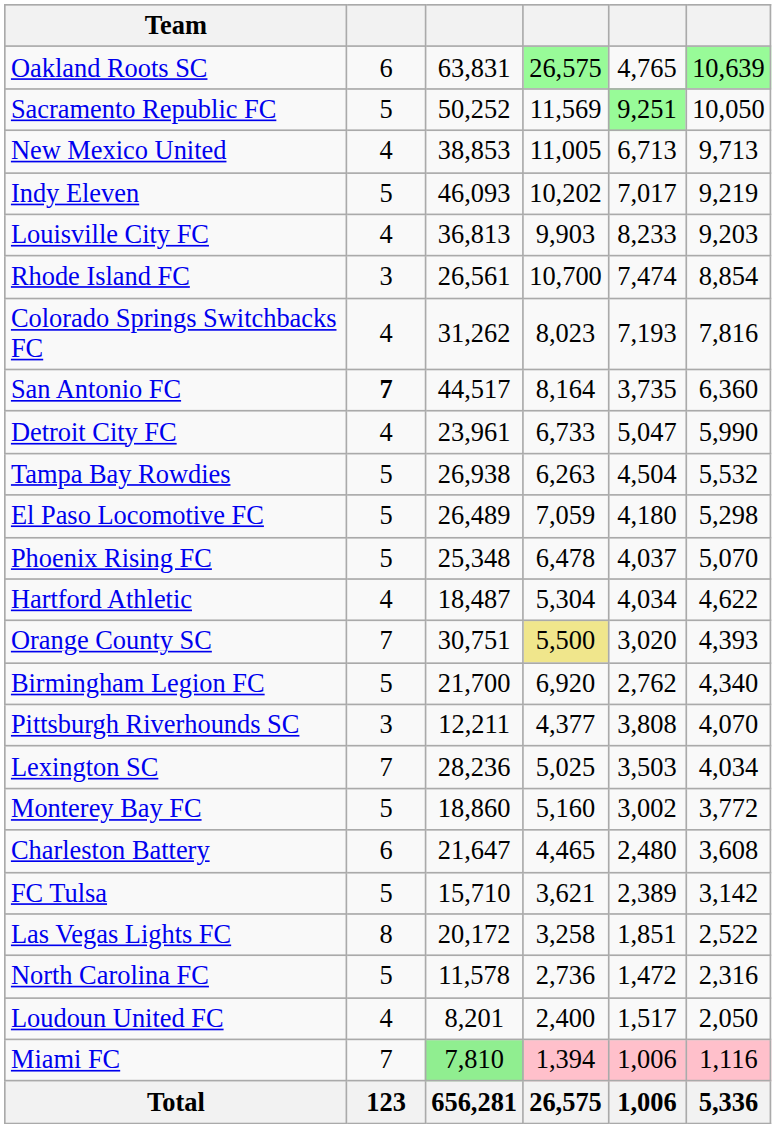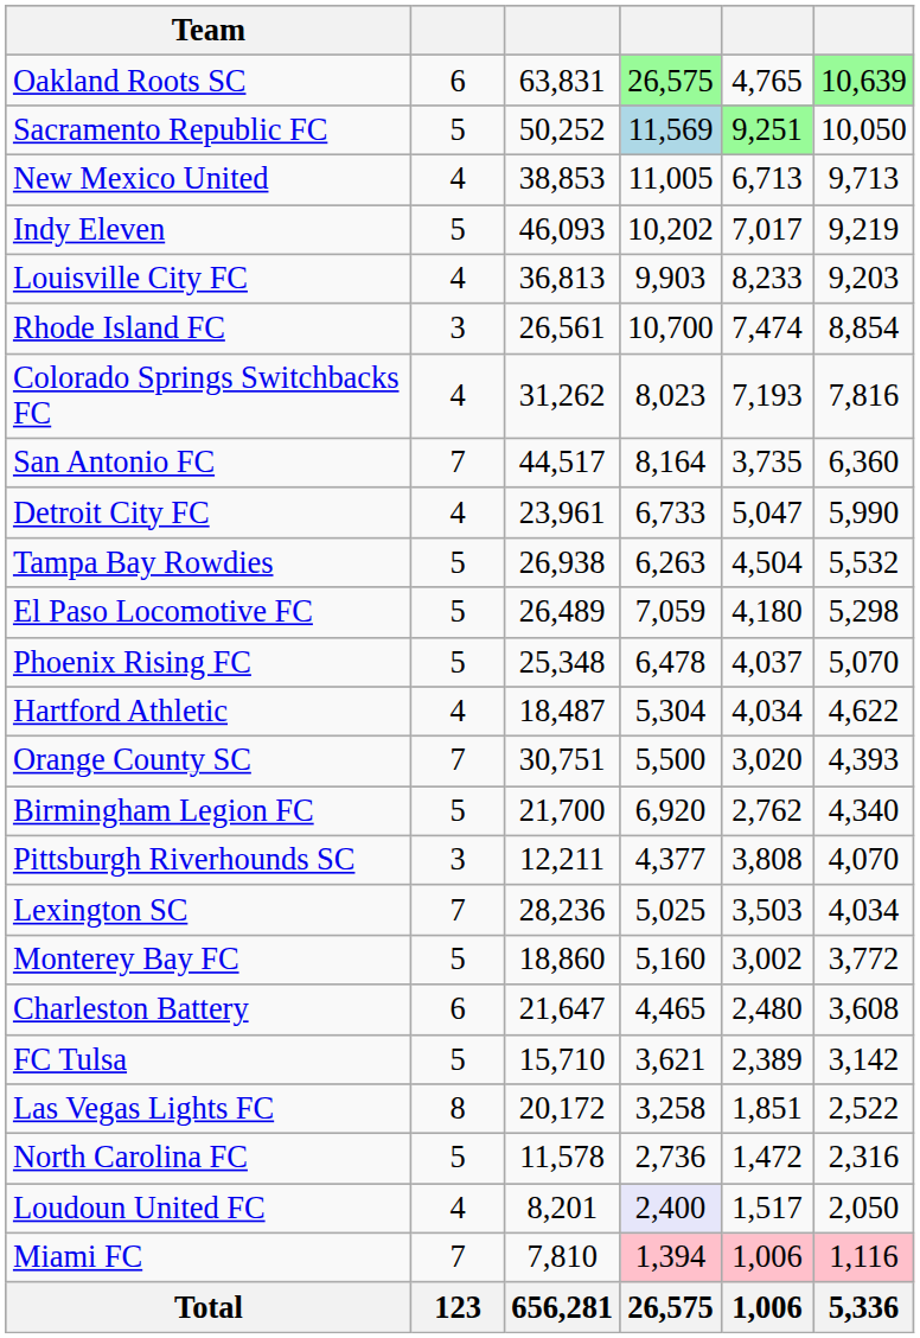 <table class="wikitable sortable">
 <tr>
 <th width=200>Team</th>
 <th width=40></th>
 <th width=40></th>
 <th width=40></th>
 <th width=40></th>
 <th width=40></th>
 </tr>
 <tr align="center">
 <td align=left><a href='#'>Oakland Roots SC</a></td>
 <td>6</td>
 <td>63,831</td>
 <td bgcolor="#98fb98">26,575</td>
 <td>4,765</td>
 <td bgcolor="#98fb98">10,639</td>
 </tr>
 <tr align="center">
 <td align="left"><a href='#'>Sacramento Republic FC</a></td>
 <td>5</td>
 <td>50,252</td>
-<td>11,569</td>
+<td style="background: lightblue;">11,569</td>
 <td bgcolor="#98fb98">9,251</td>
 <td>10,050</td>
 </tr>
 <tr align="center">
 <td align="left"><a href='#'>New Mexico United</a></td>
 <td>4</td>
 <td>38,853</td>
 <td>11,005</td>
 <td>6,713</td>
 <td>9,713</td>
 </tr>
 <tr align="center">
 <td align="left"><a href='#'>Indy Eleven</a></td>
 <td>5</td>
 <td>46,093</td>
 <td>10,202</td>
 <td>7,017</td>
 <td>9,219</td>
 </tr>
 <tr align="center">
 <td align="left"><a href='#'>Louisville City FC</a></td>
 <td>4</td>
 <td>36,813</td>
 <td>9,903</td>
 <td>8,233</td>
 <td>9,203</td>
 </tr>
 <tr align="center">
 <td align="left"><a href='#'>Rhode Island FC</a></td>
 <td>3</td>
 <td>26,561</td>
 <td>10,700</td>
 <td>7,474</td>
 <td>8,854</td>
 </tr>
 <tr align="center">
 <td align="left"><a href='#'>Colorado Springs Switchbacks FC</a></td>
 <td>4</td>
 <td>31,262</td>
 <td>8,023</td>
 <td>7,193</td>
 <td>7,816</td>
 </tr>
 <tr align="center">
 <td align="left"><a href='#'>San Antonio FC</a></td>
-<td><strong>7</strong></td>
+<td>7</td>
 <td>44,517</td>
 <td>8,164</td>
 <td>3,735</td>
 <td>6,360</td>
 </tr>
 <tr align="center">
 <td align="left"><a href='#'>Detroit City FC</a></td>
 <td>4</td>
 <td>23,961</td>
 <td>6,733</td>
 <td>5,047</td>
 <td>5,990</td>
 </tr>
 <tr align="center">
 <td align="left"><a href='#'>Tampa Bay Rowdies</a></td>
 <td>5</td>
 <td>26,938</td>
 <td>6,263</td>
 <td>4,504</td>
 <td>5,532</td>
 </tr>
 <tr align="center">
 <td align="left"><a href='#'>El Paso Locomotive FC</a></td>
 <td>5</td>
 <td>26,489</td>
 <td>7,059</td>
 <td>4,180</td>
 <td>5,298</td>
 </tr>
 <tr align="center">
 <td align="left"><a href='#'>Phoenix Rising FC</a></td>
 <td>5</td>
 <td>25,348</td>
 <td>6,478</td>
 <td>4,037</td>
 <td>5,070</td>
 </tr>
 <tr align="center">
 <td align="left"><a href='#'>Hartford Athletic</a></td>
 <td>4</td>
 <td>18,487</td>
 <td>5,304</td>
 <td>4,034</td>
 <td>4,622</td>
 </tr>
 <tr align="center">
 <td align="left"><a href='#'>Orange County SC</a></td>
 <td>7</td>
 <td>30,751</td>
-<td style="background: khaki;">5,500</td>
+<td>5,500</td>
 <td>3,020</td>
 <td>4,393</td>
 </tr>
 <tr align="center">
 <td align="left"><a href='#'>Birmingham Legion FC</a></td>
 <td>5</td>
 <td>21,700</td>
 <td>6,920</td>
 <td>2,762</td>
 <td>4,340</td>
 </tr>
 <tr align="center">
 <td align="left"><a href='#'>Pittsburgh Riverhounds SC</a></td>
 <td>3</td>
 <td>12,211</td>
 <td>4,377</td>
 <td>3,808</td>
 <td>4,070</td>
 </tr>
 <tr align="center">
 <td align="left"><a href='#'>Lexington SC</a></td>
 <td>7</td>
 <td>28,236</td>
 <td>5,025</td>
 <td>3,503</td>
 <td>4,034</td>
 </tr>
 <tr align="center">
 <td align="left"><a href='#'>Monterey Bay FC</a></td>
 <td>5</td>
 <td>18,860</td>
 <td>5,160</td>
 <td>3,002</td>
 <td>3,772</td>
 </tr>
 <tr align="center">
 <td align="left"><a href='#'>Charleston Battery</a></td>
 <td>6</td>
 <td>21,647</td>
 <td>4,465</td>
 <td>2,480</td>
 <td>3,608</td>
 </tr>
 <tr align="center">
 <td align="left"><a href='#'>FC Tulsa</a></td>
 <td>5</td>
 <td>15,710</td>
 <td>3,621</td>
 <td>2,389</td>
 <td>3,142</td>
 </tr>
 <tr align="center">
 <td align="left"><a href='#'>Las Vegas Lights FC</a></td>
 <td>8</td>
 <td>20,172</td>
 <td>3,258</td>
 <td>1,851</td>
 <td>2,522</td>
 </tr>
 <tr align="center">
 <td align=left><a href='#'>North Carolina FC</a></td>
 <td>5</td>
 <td>11,578</td>
 <td>2,736</td>
 <td>1,472</td>
 <td>2,316</td>
 </tr>
 <tr align="center">
 <td align="left"><a href='#'>Loudoun United FC</a></td>
 <td>4</td>
 <td>8,201</td>
-<td>2,400</td>
+<td style="background: lavender;">2,400</td>
 <td>1,517</td>
 <td>2,050</td>
 </tr>
 <tr align="center">
 <td align="left"><a href='#'>Miami FC</a></td>
 <td>7</td>
-<td style="background: lightgreen;">7,810</td>
+<td>7,810</td>
 <td bgcolor="#ffc0cb">1,394</td>
 <td bgcolor="#ffc0cb">1,006</td>
 <td bgcolor="#ffc0cb">1,116</td>
 </tr>
 <tr align="center">
 <th align="left">Total</th>
 <th>123</th>
 <th>656,281</th>
 <th>26,575</th>
 <th>1,006</th>
 <th>5,336</th>
 </tr>
 </table>
